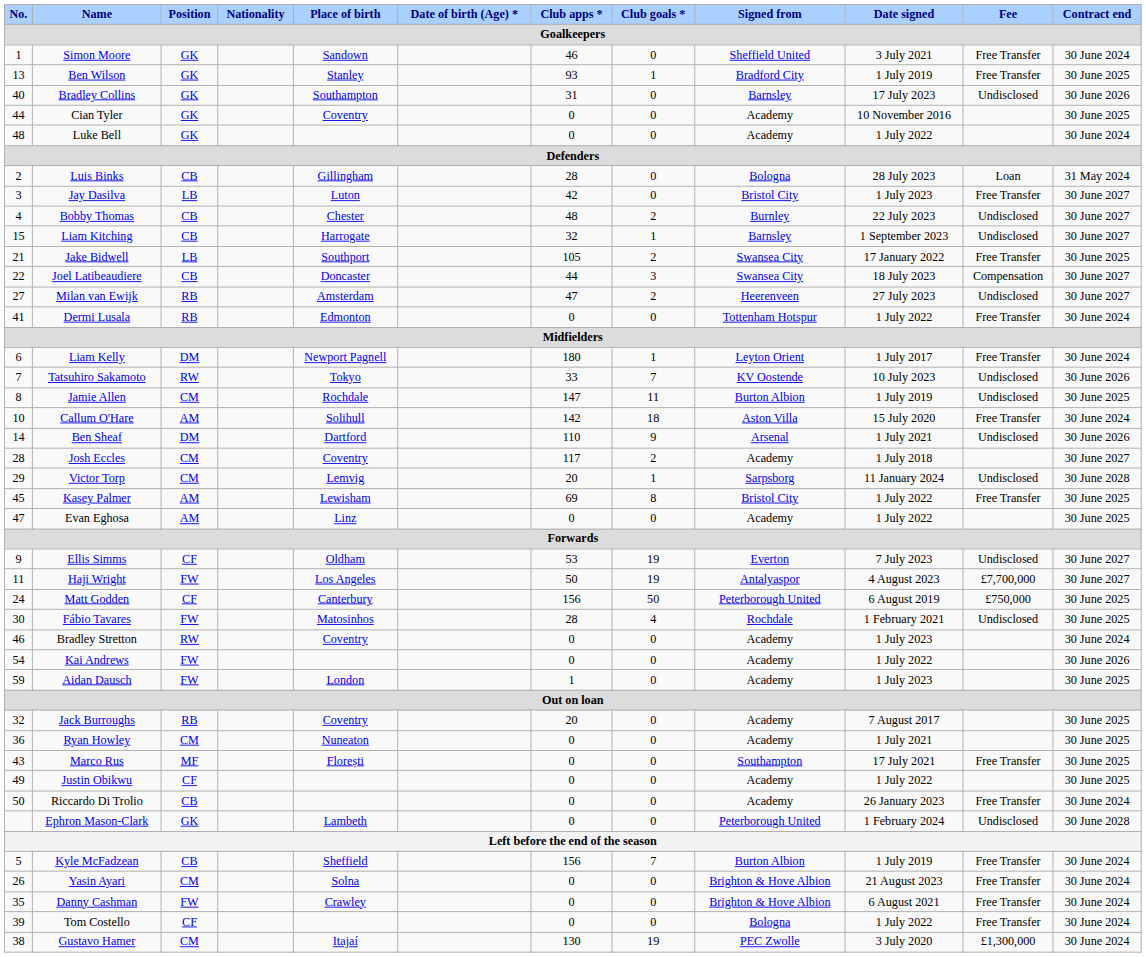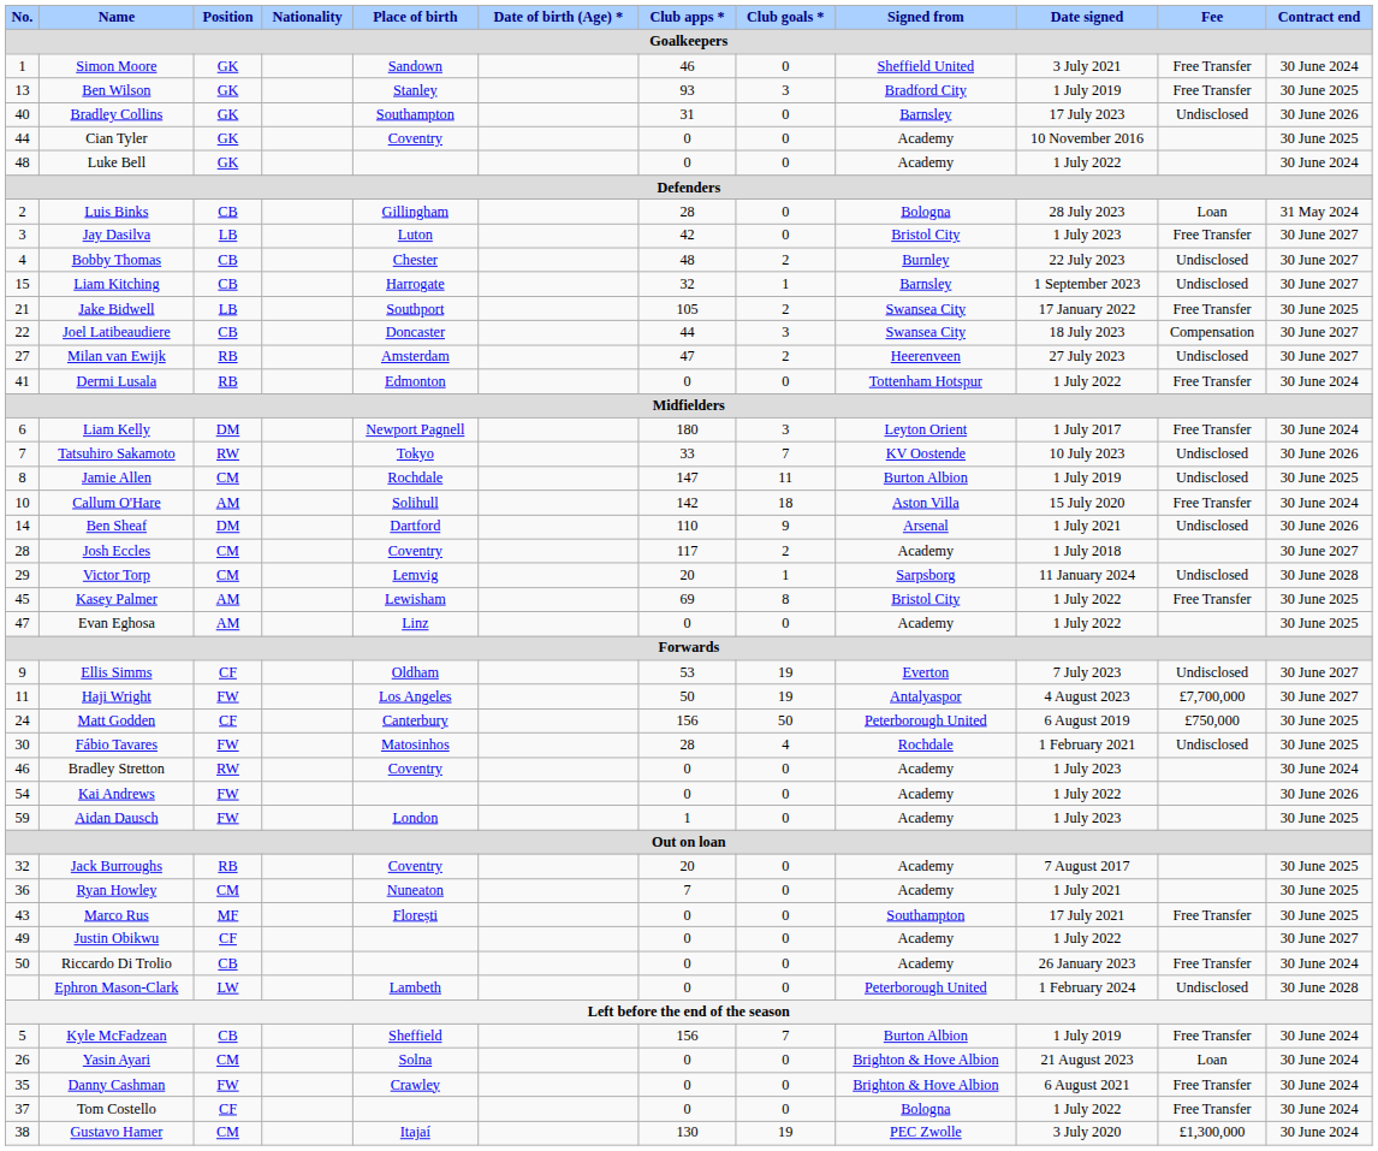 <table class="wikitable" style="text-align:center; font-size:84.5%; width:100%;">
 <tr>
 <th style="background:#AAD0FF; color:#000080; ">No.</th>
 <th style="background:#AAD0FF; color:#000080; ">Name</th>
 <th style="background:#AAD0FF; color:#000080; ">Position</th>
 <th style="background:#AAD0FF; color:#000080; ">Nationality</th>
 <th style="background:#AAD0FF; color:#000080; ">Place of birth</th>
 <th style="background:#AAD0FF; color:#000080; ">Date of birth (Age) *</th>
 <th style="background:#AAD0FF; color:#000080; ">Club apps *</th>
 <th style="background:#AAD0FF; color:#000080; ">Club goals *</th>
 <th style="background:#AAD0FF; color:#000080; ">Signed from</th>
 <th style="background:#AAD0FF; color:#000080; ">Date signed</th>
 <th style="background:#AAD0FF; color:#000080; ">Fee</th>
 <th style="background:#AAD0FF; color:#000080; ">Contract end</th>
 </tr>
 <tr>
 <th colspan="14" style="background:#dcdcdc; tepxt-align:center;">Goalkeepers</th>
 </tr>
 <tr>
 <td>1</td>
 <td><a href='#'>Simon Moore</a></td>
 <td><a href='#'>GK</a></td>
 <td></td>
 <td><a href='#'>Sandown</a></td>
 <td></td>
 <td>46</td>
 <td>0</td>
 <td><a href='#'>Sheffield United</a></td>
 <td>3 July 2021</td>
 <td>Free Transfer</td>
 <td>30 June 2024</td>
 </tr>
 <tr>
 <td>13</td>
 <td><a href='#'>Ben Wilson</a></td>
 <td><a href='#'>GK</a></td>
 <td></td>
 <td><a href='#'>Stanley</a></td>
 <td></td>
 <td>93</td>
-<td>1</td>
+<td>3</td>
 <td><a href='#'>Bradford City</a></td>
 <td>1 July 2019</td>
 <td>Free Transfer</td>
 <td>30 June 2025</td>
 </tr>
 <tr>
 <td>40</td>
 <td><a href='#'>Bradley Collins</a></td>
 <td><a href='#'>GK</a></td>
 <td></td>
 <td><a href='#'>Southampton</a></td>
 <td></td>
 <td>31</td>
 <td>0</td>
 <td><a href='#'>Barnsley</a></td>
 <td>17 July 2023</td>
 <td>Undisclosed</td>
 <td>30 June 2026</td>
 </tr>
 <tr>
 <td>44</td>
 <td>Cian Tyler</td>
 <td><a href='#'>GK</a></td>
 <td></td>
 <td><a href='#'>Coventry</a></td>
 <td></td>
 <td>0</td>
 <td>0</td>
 <td>Academy</td>
 <td>10 November 2016</td>
 <td></td>
 <td>30 June 2025</td>
 </tr>
 <tr>
 <td>48</td>
 <td>Luke Bell</td>
 <td><a href='#'>GK</a></td>
 <td></td>
 <td></td>
 <td></td>
 <td>0</td>
 <td>0</td>
 <td>Academy</td>
 <td>1 July 2022</td>
 <td></td>
 <td>30 June 2024</td>
 </tr>
 <tr>
 <th colspan="14" style="background:#dcdcdc; tepxt-align:center;">Defenders</th>
 </tr>
 <tr>
 <td>2</td>
 <td><a href='#'>Luis Binks</a></td>
 <td><a href='#'>CB</a></td>
 <td></td>
 <td><a href='#'>Gillingham</a></td>
 <td></td>
 <td>28</td>
 <td>0</td>
 <td><a href='#'>Bologna</a></td>
 <td>28 July 2023</td>
 <td>Loan</td>
 <td>31 May 2024</td>
 </tr>
 <tr>
 <td>3</td>
 <td><a href='#'>Jay Dasilva</a></td>
 <td><a href='#'>LB</a></td>
 <td></td>
 <td><a href='#'>Luton</a></td>
 <td></td>
 <td>42</td>
 <td>0</td>
 <td><a href='#'>Bristol City</a></td>
 <td>1 July 2023</td>
 <td>Free Transfer</td>
 <td>30 June 2027</td>
 </tr>
 <tr>
 <td>4</td>
 <td><a href='#'>Bobby Thomas</a></td>
 <td><a href='#'>CB</a></td>
 <td></td>
 <td><a href='#'>Chester</a></td>
 <td></td>
 <td>48</td>
 <td>2</td>
 <td><a href='#'>Burnley</a></td>
 <td>22 July 2023</td>
 <td>Undisclosed</td>
 <td>30 June 2027</td>
 </tr>
 <tr>
 <td>15</td>
 <td><a href='#'>Liam Kitching</a></td>
 <td><a href='#'>CB</a></td>
 <td></td>
 <td><a href='#'>Harrogate</a></td>
 <td></td>
 <td>32</td>
 <td>1</td>
 <td><a href='#'>Barnsley</a></td>
 <td>1 September 2023</td>
 <td>Undisclosed</td>
 <td>30 June 2027</td>
 </tr>
 <tr>
 <td>21</td>
 <td><a href='#'>Jake Bidwell</a></td>
 <td><a href='#'>LB</a></td>
 <td></td>
 <td><a href='#'>Southport</a></td>
 <td></td>
 <td>105</td>
 <td>2</td>
 <td><a href='#'>Swansea City</a></td>
 <td>17 January 2022</td>
 <td>Free Transfer</td>
 <td>30 June 2025</td>
 </tr>
 <tr>
 <td>22</td>
 <td><a href='#'>Joel Latibeaudiere</a></td>
 <td><a href='#'>CB</a></td>
 <td></td>
 <td><a href='#'>Doncaster</a></td>
 <td></td>
 <td>44</td>
 <td>3</td>
 <td><a href='#'>Swansea City</a></td>
 <td>18 July 2023</td>
 <td>Compensation</td>
 <td>30 June 2027</td>
 </tr>
 <tr>
 <td>27</td>
 <td><a href='#'>Milan van Ewijk</a></td>
 <td><a href='#'>RB</a></td>
 <td></td>
 <td><a href='#'>Amsterdam</a></td>
 <td></td>
 <td>47</td>
 <td>2</td>
 <td><a href='#'>Heerenveen</a></td>
 <td>27 July 2023</td>
 <td>Undisclosed</td>
 <td>30 June 2027</td>
 </tr>
 <tr>
 <td>41</td>
 <td><a href='#'>Dermi Lusala</a></td>
 <td><a href='#'>RB</a></td>
 <td></td>
 <td><a href='#'>Edmonton</a></td>
 <td></td>
 <td>0</td>
 <td>0</td>
 <td><a href='#'>Tottenham Hotspur</a></td>
 <td>1 July 2022</td>
 <td>Free Transfer</td>
 <td>30 June 2024</td>
 </tr>
 <tr>
 <th colspan="14" style="background:#dcdcdc; tepxt-align:center;">Midfielders</th>
 </tr>
 <tr>
 <td>6</td>
 <td><a href='#'>Liam Kelly</a></td>
 <td><a href='#'>DM</a></td>
 <td></td>
 <td><a href='#'>Newport Pagnell</a></td>
 <td></td>
 <td>180</td>
-<td>1</td>
+<td>3</td>
 <td><a href='#'>Leyton Orient</a></td>
 <td>1 July 2017</td>
 <td>Free Transfer</td>
 <td>30 June 2024</td>
 </tr>
 <tr>
 <td>7</td>
 <td><a href='#'>Tatsuhiro Sakamoto</a></td>
 <td><a href='#'>RW</a></td>
 <td></td>
 <td><a href='#'>Tokyo</a></td>
 <td></td>
 <td>33</td>
 <td>7</td>
 <td><a href='#'>KV Oostende</a></td>
 <td>10 July 2023</td>
 <td>Undisclosed</td>
 <td>30 June 2026</td>
 </tr>
 <tr>
 <td>8</td>
 <td><a href='#'>Jamie Allen</a></td>
 <td><a href='#'>CM</a></td>
 <td></td>
 <td><a href='#'>Rochdale</a></td>
 <td></td>
 <td>147</td>
 <td>11</td>
 <td><a href='#'>Burton Albion</a></td>
 <td>1 July 2019</td>
 <td>Undisclosed</td>
 <td>30 June 2025</td>
 </tr>
 <tr>
 <td>10</td>
 <td><a href='#'>Callum O'Hare</a></td>
 <td><a href='#'>AM</a></td>
 <td></td>
 <td><a href='#'>Solihull</a></td>
 <td></td>
 <td>142</td>
 <td>18</td>
 <td><a href='#'>Aston Villa</a></td>
 <td>15 July 2020</td>
 <td>Free Transfer</td>
 <td>30 June 2024</td>
 </tr>
 <tr>
 <td>14</td>
 <td><a href='#'>Ben Sheaf</a></td>
 <td><a href='#'>DM</a></td>
 <td></td>
 <td><a href='#'>Dartford</a></td>
 <td></td>
 <td>110</td>
 <td>9</td>
 <td><a href='#'>Arsenal</a></td>
 <td>1 July 2021</td>
 <td>Undisclosed</td>
 <td>30 June 2026</td>
 </tr>
 <tr>
 <td>28</td>
 <td><a href='#'>Josh Eccles</a></td>
 <td><a href='#'>CM</a></td>
 <td></td>
 <td><a href='#'>Coventry</a></td>
 <td></td>
 <td>117</td>
 <td>2</td>
 <td>Academy</td>
 <td>1 July 2018</td>
 <td></td>
 <td>30 June 2027</td>
 </tr>
 <tr>
 <td>29</td>
 <td><a href='#'>Victor Torp</a></td>
 <td><a href='#'>CM</a></td>
 <td></td>
 <td><a href='#'>Lemvig</a></td>
 <td></td>
 <td>20</td>
 <td>1</td>
 <td><a href='#'>Sarpsborg</a></td>
 <td>11 January 2024</td>
 <td>Undisclosed</td>
 <td>30 June 2028</td>
 </tr>
 <tr>
 <td>45</td>
 <td><a href='#'>Kasey Palmer</a></td>
 <td><a href='#'>AM</a></td>
 <td></td>
 <td><a href='#'>Lewisham</a></td>
 <td></td>
 <td>69</td>
 <td>8</td>
 <td><a href='#'>Bristol City</a></td>
 <td>1 July 2022</td>
 <td>Free Transfer</td>
 <td>30 June 2025</td>
 </tr>
 <tr>
 <td>47</td>
 <td>Evan Eghosa</td>
 <td><a href='#'>AM</a></td>
 <td></td>
 <td><a href='#'>Linz</a></td>
 <td></td>
 <td>0</td>
 <td>0</td>
 <td>Academy</td>
 <td>1 July 2022</td>
 <td></td>
 <td>30 June 2025</td>
 </tr>
 <tr>
 <th colspan="14" style="background:#dcdcdc; tepxt-align:center;">Forwards</th>
 </tr>
 <tr>
 <td>9</td>
 <td><a href='#'>Ellis Simms</a></td>
 <td><a href='#'>CF</a></td>
 <td></td>
 <td><a href='#'>Oldham</a></td>
 <td></td>
 <td>53</td>
 <td>19</td>
 <td><a href='#'>Everton</a></td>
 <td>7 July 2023</td>
 <td>Undisclosed</td>
 <td>30 June 2027</td>
 </tr>
 <tr>
 <td>11</td>
 <td><a href='#'>Haji Wright</a></td>
 <td><a href='#'>FW</a></td>
 <td></td>
 <td><a href='#'>Los Angeles</a></td>
 <td></td>
 <td>50</td>
 <td>19</td>
 <td><a href='#'>Antalyaspor</a></td>
 <td>4 August 2023</td>
 <td>£7,700,000</td>
 <td>30 June 2027</td>
 </tr>
 <tr>
 <td>24</td>
 <td><a href='#'>Matt Godden</a></td>
 <td><a href='#'>CF</a></td>
 <td></td>
 <td><a href='#'>Canterbury</a></td>
 <td></td>
 <td>156</td>
 <td>50</td>
 <td><a href='#'>Peterborough United</a></td>
 <td>6 August 2019</td>
 <td>£750,000</td>
 <td>30 June 2025</td>
 </tr>
 <tr>
 <td>30</td>
 <td><a href='#'>Fábio Tavares</a></td>
 <td><a href='#'>FW</a></td>
 <td></td>
 <td><a href='#'>Matosinhos</a></td>
 <td></td>
 <td>28</td>
 <td>4</td>
 <td><a href='#'>Rochdale</a></td>
 <td>1 February 2021</td>
 <td>Undisclosed</td>
 <td>30 June 2025</td>
 </tr>
 <tr>
 <td>46</td>
 <td>Bradley Stretton</td>
 <td><a href='#'>RW</a></td>
 <td></td>
 <td><a href='#'>Coventry</a></td>
 <td></td>
 <td>0</td>
 <td>0</td>
 <td>Academy</td>
 <td>1 July 2023</td>
 <td></td>
 <td>30 June 2024</td>
 </tr>
 <tr>
 <td>54</td>
 <td><a href='#'>Kai Andrews</a></td>
 <td><a href='#'>FW</a></td>
 <td></td>
 <td></td>
 <td></td>
 <td>0</td>
 <td>0</td>
 <td>Academy</td>
 <td>1 July 2022</td>
 <td></td>
 <td>30 June 2026</td>
 </tr>
 <tr>
 <td>59</td>
 <td><a href='#'>Aidan Dausch</a></td>
 <td><a href='#'>FW</a></td>
 <td></td>
 <td><a href='#'>London</a></td>
 <td></td>
 <td>1</td>
 <td>0</td>
 <td>Academy</td>
 <td>1 July 2023</td>
 <td></td>
 <td>30 June 2025</td>
 </tr>
 <tr>
 <th colspan="14" style="background:#dcdcdc; tepxt-align:center;">Out on loan</th>
 </tr>
 <tr>
 <td>32</td>
 <td><a href='#'>Jack Burroughs</a></td>
 <td><a href='#'>RB</a></td>
 <td></td>
 <td><a href='#'>Coventry</a></td>
 <td></td>
 <td>20</td>
 <td>0</td>
 <td>Academy</td>
 <td>7 August 2017</td>
 <td></td>
 <td>30 June 2025</td>
 </tr>
 <tr>
 <td>36</td>
 <td><a href='#'>Ryan Howley</a></td>
 <td><a href='#'>CM</a></td>
 <td></td>
 <td><a href='#'>Nuneaton</a></td>
 <td></td>
-<td>0</td>
+<td>7</td>
 <td>0</td>
 <td>Academy</td>
 <td>1 July 2021</td>
 <td></td>
 <td>30 June 2025</td>
 </tr>
 <tr>
 <td>43</td>
 <td><a href='#'>Marco Rus</a></td>
 <td><a href='#'>MF</a></td>
 <td></td>
 <td><a href='#'>Florești</a></td>
 <td></td>
 <td>0</td>
 <td>0</td>
 <td><a href='#'>Southampton</a></td>
 <td>17 July 2021</td>
 <td>Free Transfer</td>
 <td>30 June 2025</td>
 </tr>
 <tr>
 <td>49</td>
 <td><a href='#'>Justin Obikwu</a></td>
 <td><a href='#'>CF</a></td>
 <td> </td>
 <td></td>
 <td></td>
 <td>0</td>
 <td>0</td>
 <td>Academy</td>
 <td>1 July 2022</td>
 <td></td>
-<td>30 June 2025</td>
+<td>30 June 2027</td>
 </tr>
 <tr>
 <td>50</td>
 <td>Riccardo Di Trolio</td>
 <td><a href='#'>CB</a></td>
 <td></td>
 <td></td>
 <td></td>
 <td>0</td>
 <td>0</td>
 <td>Academy</td>
 <td>26 January 2023</td>
 <td>Free Transfer</td>
 <td>30 June 2024</td>
 </tr>
 <tr>
 <td></td>
 <td><a href='#'>Ephron Mason-Clark</a></td>
-<td><a href='#'>GK</a></td>
+<td><a href='#'>LW</a></td>
 <td></td>
 <td><a href='#'>Lambeth</a></td>
 <td></td>
 <td>0</td>
 <td>0</td>
 <td><a href='#'>Peterborough United</a></td>
 <td>1 February 2024</td>
 <td>Undisclosed</td>
 <td>30 June 2028</td>
 </tr>
 <tr>
 <th colspan="14" ="background:#dcdcdc; text-align:center;">Left before the end of the season</th>
 </tr>
 <tr>
 <td>5</td>
 <td><a href='#'>Kyle McFadzean</a></td>
 <td><a href='#'>CB</a></td>
 <td></td>
 <td><a href='#'>Sheffield</a></td>
 <td></td>
 <td>156</td>
 <td>7</td>
 <td><a href='#'>Burton Albion</a></td>
 <td>1 July 2019</td>
 <td>Free Transfer</td>
 <td>30 June 2024</td>
 </tr>
 <tr>
 <td>26</td>
 <td><a href='#'>Yasin Ayari</a></td>
 <td><a href='#'>CM</a></td>
 <td></td>
 <td><a href='#'>Solna</a></td>
 <td></td>
 <td>0</td>
 <td>0</td>
 <td><a href='#'>Brighton & Hove Albion</a></td>
 <td>21 August 2023</td>
-<td>Free Transfer</td>
+<td>Loan</td>
 <td>30 June 2024</td>
 </tr>
 <tr>
 <td>35</td>
 <td><a href='#'>Danny Cashman</a></td>
 <td><a href='#'>FW</a></td>
 <td></td>
 <td><a href='#'>Crawley</a></td>
 <td></td>
 <td>0</td>
 <td>0</td>
 <td><a href='#'>Brighton & Hove Albion</a></td>
 <td>6 August 2021</td>
 <td>Free Transfer</td>
 <td>30 June 2024</td>
 </tr>
 <tr>
-<td>39</td>
+<td>37</td>
 <td>Tom Costello</td>
 <td><a href='#'>CF</a></td>
 <td></td>
 <td></td>
 <td></td>
 <td>0</td>
 <td>0</td>
 <td><a href='#'>Bologna</a></td>
 <td>1 July 2022</td>
 <td>Free Transfer</td>
 <td>30 June 2024</td>
 </tr>
 <tr>
 <td>38</td>
 <td><a href='#'>Gustavo Hamer</a></td>
 <td><a href='#'>CM</a></td>
 <td></td>
 <td><a href='#'>Itajaí</a></td>
 <td></td>
 <td>130</td>
 <td>19</td>
 <td><a href='#'>PEC Zwolle</a></td>
 <td>3 July 2020</td>
 <td>£1,300,000</td>
 <td>30 June 2024</td>
 </tr>
 </table>
